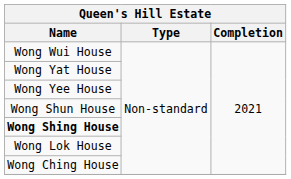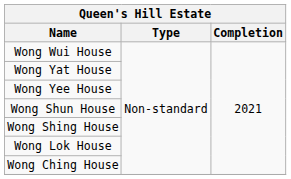 <table class="wikitable" style="text-align: center">
 <tr>
 <th colspan="3">Queen's Hill Estate</th>
 </tr>
 <tr>
 <th>Name</th>
 <th>Type</th>
 <th>Completion</th>
 </tr>
 <tr>
 <td>Wong Wui House</td>
 <td rowspan="7">Non-standard</td>
 <td rowspan="7">2021</td>
 </tr>
 <tr>
 <td>Wong Yat House</td>
 </tr>
 <tr>
 <td>Wong Yee House</td>
 </tr>
 <tr>
 <td>Wong Shun House</td>
 </tr>
 <tr>
-<td><strong>Wong Shing House</strong></td>
+<td>Wong Shing House</td>
 </tr>
 <tr>
 <td>Wong Lok House</td>
 </tr>
 <tr>
 <td>Wong Ching House</td>
 </tr>
 <tr>
 </tr>
 </table>
